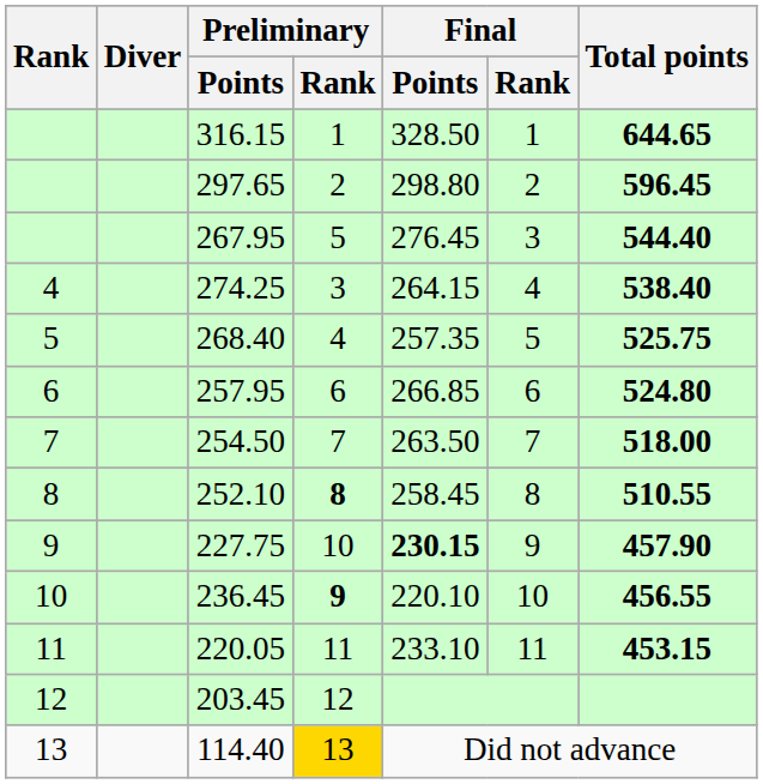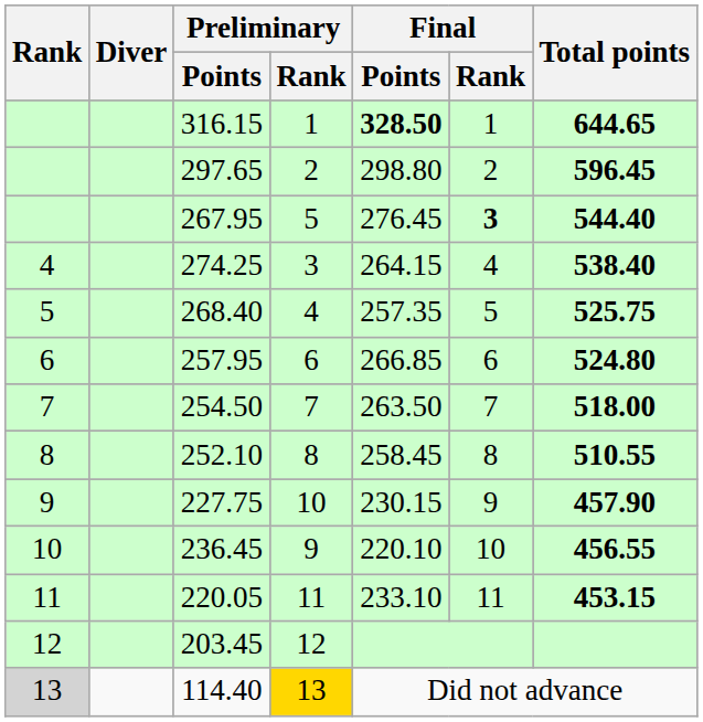 <table class="wikitable sortable" style="text-align:center">
 <tr>
 <th rowspan=2>Rank</th>
 <th rowspan=2>Diver</th>
 <th colspan=2>Preliminary</th>
 <th colspan=2>Final</th>
 <th rowspan=2>Total points</th>
 </tr>
 <tr>
 <th>Points</th>
 <th>Rank</th>
 <th>Points</th>
 <th>Rank</th>
 </tr>
 <tr bgcolor=ccffcc>
 <td></td>
 <td align=left></td>
 <td>316.15</td>
 <td>1</td>
-<td>328.50</td>
+<td><strong>328.50</strong></td>
 <td>1</td>
 <td><strong>644.65</strong></td>
 </tr>
 <tr bgcolor=ccffcc>
 <td></td>
 <td align=left></td>
 <td>297.65</td>
 <td>2</td>
 <td>298.80</td>
 <td>2</td>
 <td><strong>596.45</strong></td>
 </tr>
 <tr bgcolor=ccffcc>
 <td></td>
 <td align=left></td>
 <td>267.95</td>
 <td>5</td>
 <td>276.45</td>
-<td>3</td>
+<td><strong>3</strong></td>
 <td><strong>544.40</strong></td>
 </tr>
 <tr bgcolor=ccffcc>
 <td>4</td>
 <td align=left></td>
 <td>274.25</td>
 <td>3</td>
 <td>264.15</td>
 <td>4</td>
 <td><strong>538.40</strong></td>
 </tr>
 <tr bgcolor=ccffcc>
 <td>5</td>
 <td align=left></td>
 <td>268.40</td>
 <td>4</td>
 <td>257.35</td>
 <td>5</td>
 <td><strong>525.75</strong></td>
 </tr>
 <tr bgcolor=ccffcc>
 <td>6</td>
 <td align=left></td>
 <td>257.95</td>
 <td>6</td>
 <td>266.85</td>
 <td>6</td>
 <td><strong>524.80</strong></td>
 </tr>
 <tr bgcolor=ccffcc>
 <td>7</td>
 <td align=left></td>
 <td>254.50</td>
 <td>7</td>
 <td>263.50</td>
 <td>7</td>
 <td><strong>518.00</strong></td>
 </tr>
 <tr bgcolor=ccffcc>
 <td>8</td>
 <td align=left></td>
 <td>252.10</td>
-<td><strong>8</strong></td>
+<td>8</td>
 <td>258.45</td>
 <td>8</td>
 <td><strong>510.55</strong></td>
 </tr>
 <tr bgcolor=ccffcc>
 <td>9</td>
 <td align=left></td>
 <td>227.75</td>
 <td>10</td>
-<td><strong>230.15</strong></td>
+<td>230.15</td>
 <td>9</td>
 <td><strong>457.90</strong></td>
 </tr>
 <tr bgcolor=ccffcc>
 <td>10</td>
 <td align=left></td>
 <td>236.45</td>
-<td><strong>9</strong></td>
+<td>9</td>
 <td>220.10</td>
 <td>10</td>
 <td><strong>456.55</strong></td>
 </tr>
 <tr bgcolor=ccffcc>
 <td>11</td>
 <td align=left></td>
 <td>220.05</td>
 <td>11</td>
 <td>233.10</td>
 <td>11</td>
 <td><strong>453.15</strong></td>
 </tr>
 <tr bgcolor=ccffcc>
 <td>12</td>
 <td align=left></td>
 <td>203.45</td>
 <td>12</td>
 <td colspan=2></td>
 <td></td>
 </tr>
 <tr>
-<td>13</td>
+<td style="background: lightgrey;">13</td>
 <td align=left></td>
 <td>114.40</td>
 <td style="background: gold;">13</td>
 <td colspan=3>Did not advance</td>
 </tr>
 </table>
